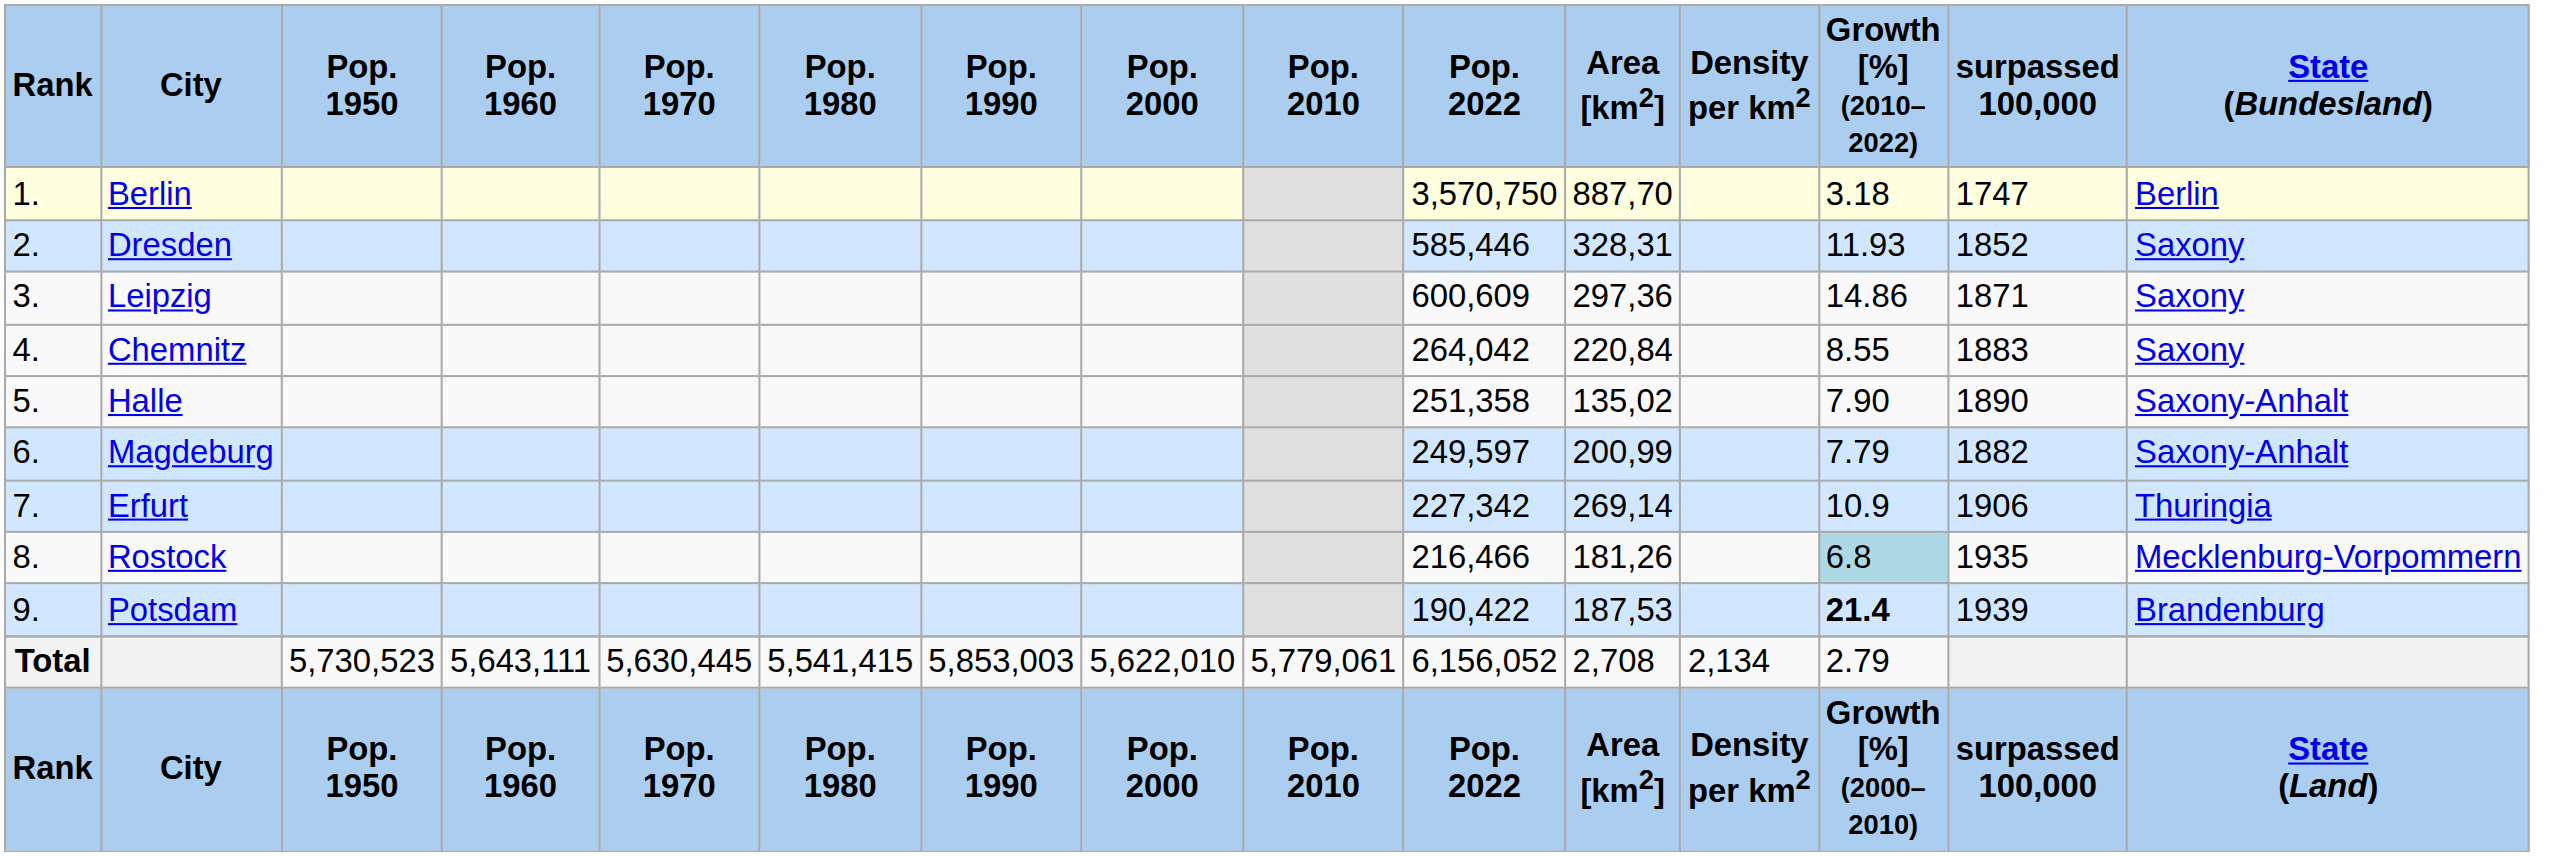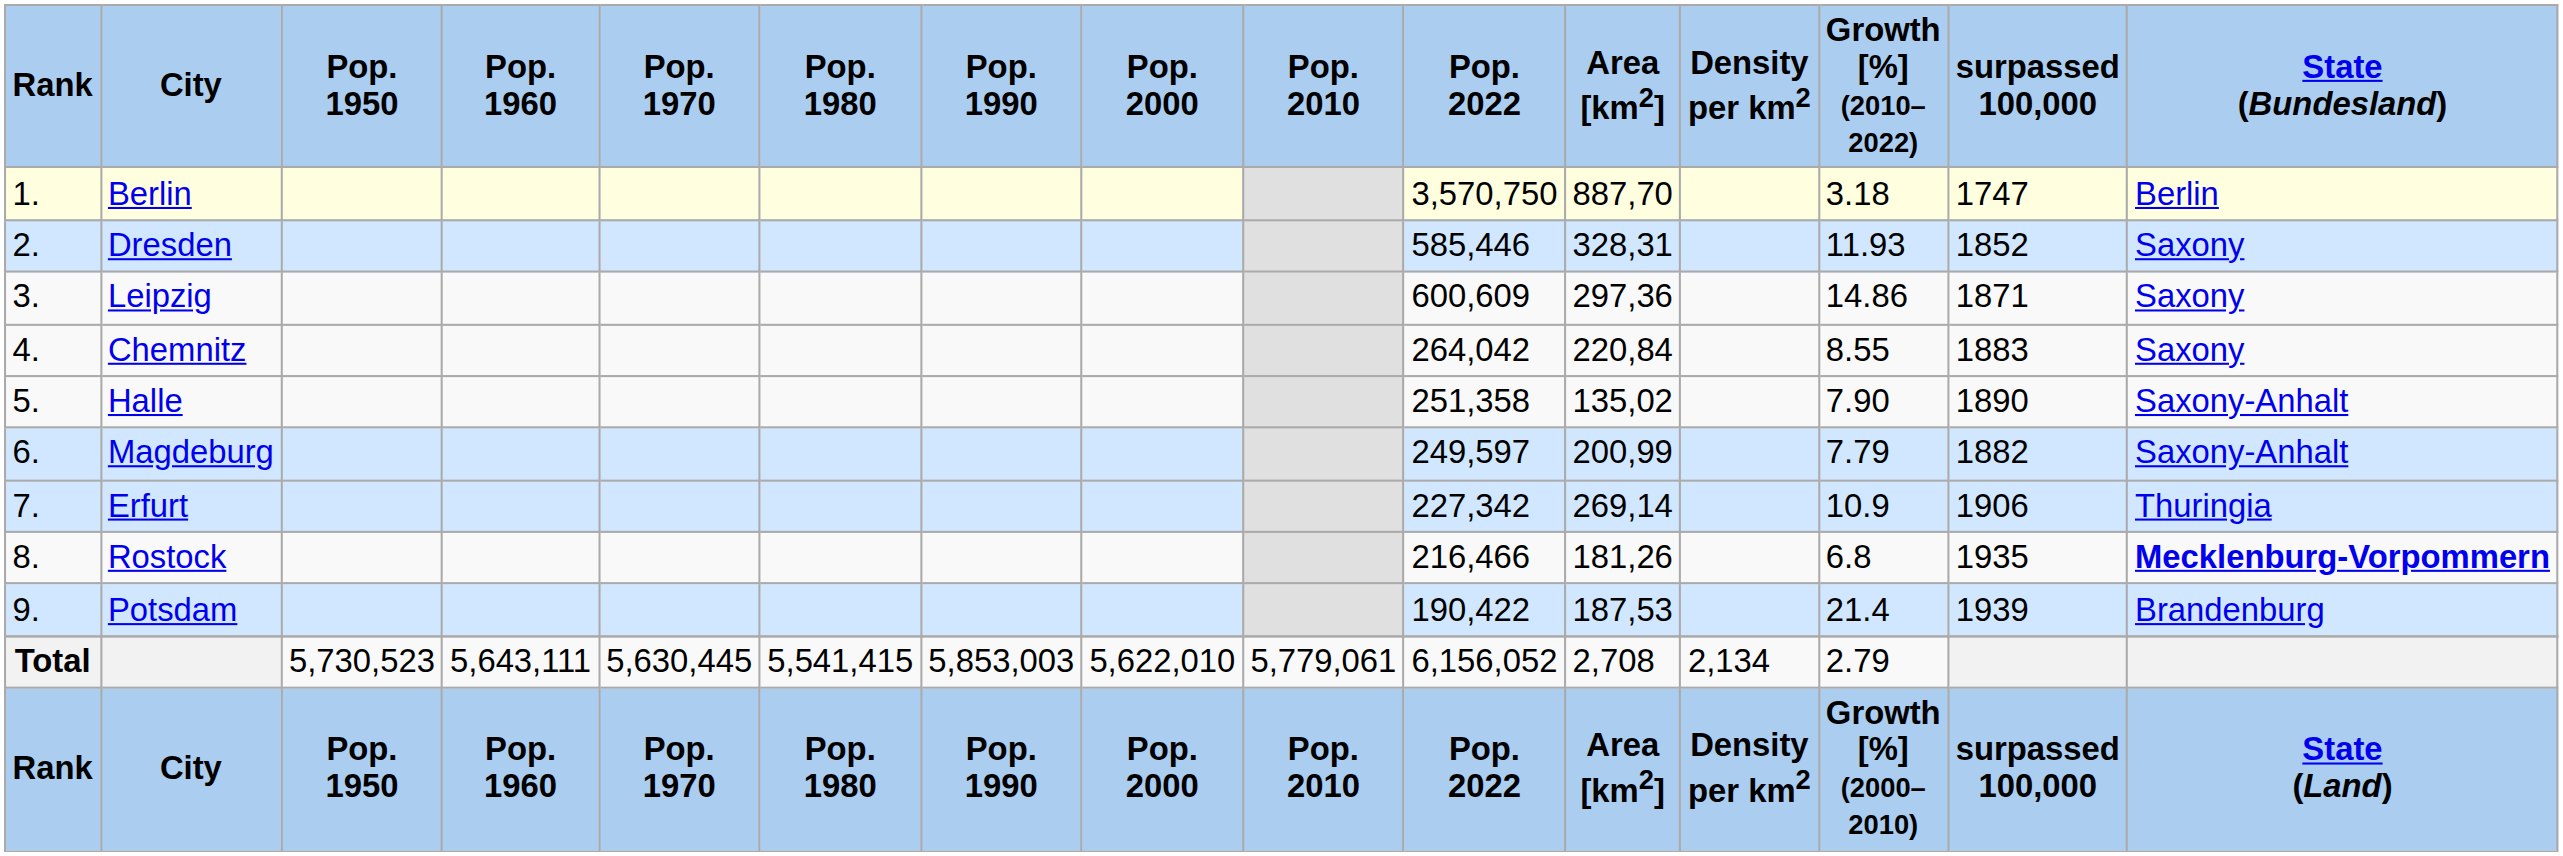 <table class="wikitable sortable">
 <tr ---->
 <th style="color: black; background-color: #ABCDEF">Rank</th>
 <th style="color: black; background-color: #ABCDEF">City</th>
 <th style="color: black; background-color: #ABCDEF">Pop. <br>1950</th>
 <th style="color: black; background-color: #ABCDEF">Pop. <br>1960</th>
 <th style="color: black; background-color: #ABCDEF">Pop. <br>1970</th>
 <th style="color: black; background-color: #ABCDEF">Pop. <br>1980</th>
 <th style="color: black; background-color: #ABCDEF">Pop. <br>1990</th>
 <th style="color: black; background-color: #ABCDEF">Pop. <br>2000</th>
 <th style="color: black; background-color: #ABCDEF">Pop. <br>2010</th>
 <th style="color: black; background-color: #ABCDEF">Pop. <br>2022</th>
 <th style="color: black; background-color: #ABCDEF">Area <br>[km<sup>2</sup>]</th>
 <th style="color: black; background-color: #ABCDEF">Density<br>per km<sup>2</sup></th>
 <th style="color: black; background-color: #ABCDEF">Growth <br>[%]<br><small>(2010–<br>2022)</small></th>
 <th style="color: black; background-color: #ABCDEF">surpassed<br>100,000</th>
 <th style="color: black; background-color: #ABCDEF"><a href='#'>State</a><br>(<em>Bundesland</em>)</th>
 </tr>
 <tr bgcolor="#FFFFE0">
 <td>1.</td>
 <td align=left><a href='#'>Berlin</a></td>
 <td></td>
 <td></td>
 <td></td>
 <td></td>
 <td></td>
 <td></td>
 <td style="background-color:#E0E0E0;"></td>
 <td>3,570,750</td>
 <td>887,70</td>
 <td></td>
 <td>3.18</td>
 <td>1747</td>
 <td align=left><a href='#'>Berlin</a></td>
 </tr>
 <tr bgcolor="#D0E7FF">
 <td>2.</td>
 <td align=left><a href='#'>Dresden</a></td>
 <td></td>
 <td></td>
 <td></td>
 <td></td>
 <td></td>
 <td></td>
 <td style="background-color:#E0E0E0;"></td>
 <td>585,446</td>
 <td>328,31</td>
 <td></td>
 <td>11.93</td>
 <td>1852</td>
 <td align=left><a href='#'>Saxony</a></td>
 </tr>
 <tr>
 <td>3.</td>
 <td align=left><a href='#'>Leipzig</a></td>
 <td></td>
 <td></td>
 <td></td>
 <td></td>
 <td></td>
 <td></td>
 <td style="background-color:#E0E0E0;"></td>
 <td>600,609</td>
 <td>297,36</td>
 <td></td>
 <td>14.86</td>
 <td>1871</td>
 <td align=left><a href='#'>Saxony</a></td>
 </tr>
 <tr>
 <td>4.</td>
 <td align=left><a href='#'>Chemnitz</a></td>
 <td></td>
 <td></td>
 <td></td>
 <td></td>
 <td></td>
 <td></td>
 <td style="background-color:#E0E0E0;"></td>
 <td>264,042</td>
 <td>220,84</td>
 <td></td>
 <td>8.55</td>
 <td>1883</td>
 <td align=left><a href='#'>Saxony</a></td>
 </tr>
 <tr>
 <td>5.</td>
 <td align=left><a href='#'>Halle</a></td>
 <td></td>
 <td></td>
 <td></td>
 <td></td>
 <td></td>
 <td></td>
 <td style="background-color:#E0E0E0;"></td>
 <td>251,358</td>
 <td>135,02</td>
 <td></td>
 <td>7.90</td>
 <td>1890</td>
 <td align=left><a href='#'>Saxony-Anhalt</a></td>
 </tr>
 <tr bgcolor="#D0E7FF">
 <td>6.</td>
 <td align=left><a href='#'>Magdeburg</a></td>
 <td></td>
 <td></td>
 <td></td>
 <td></td>
 <td></td>
 <td></td>
 <td style="background-color:#E0E0E0;"></td>
 <td>249,597</td>
 <td>200,99</td>
 <td></td>
 <td>7.79</td>
 <td>1882</td>
 <td align=left><a href='#'>Saxony-Anhalt</a></td>
 </tr>
 <tr bgcolor="#D0E7FF">
 <td>7.</td>
 <td align=left><a href='#'>Erfurt</a></td>
 <td></td>
 <td></td>
 <td></td>
 <td></td>
 <td></td>
 <td></td>
 <td style="background-color:#E0E0E0;"></td>
 <td>227,342</td>
 <td>269,14</td>
 <td></td>
 <td>10.9</td>
 <td>1906</td>
 <td align=left><a href='#'>Thuringia</a></td>
 </tr>
 <tr>
 <td>8.</td>
 <td align=left><a href='#'>Rostock</a></td>
 <td></td>
 <td></td>
 <td></td>
 <td></td>
 <td></td>
 <td></td>
 <td style="background-color:#E0E0E0;"></td>
 <td>216,466</td>
 <td>181,26</td>
 <td></td>
-<td style="background: lightblue;">6.8</td>
+<td>6.8</td>
 <td>1935</td>
-<td align=left><a href='#'>Mecklenburg-Vorpommern</a></td>
+<td align=left><strong><a href='#'>Mecklenburg-Vorpommern</a></strong></td>
 </tr>
 <tr bgcolor="#D0E7FF">
 <td>9.</td>
 <td align=left><a href='#'>Potsdam</a></td>
 <td></td>
 <td></td>
 <td></td>
 <td></td>
 <td></td>
 <td></td>
 <td style="background-color:#E0E0E0;"></td>
 <td>190,422</td>
 <td>187,53</td>
 <td></td>
-<td><strong>21.4</strong></td>
+<td>21.4</td>
 <td>1939</td>
 <td align=left><a href='#'>Brandenburg</a></td>
 </tr>
 <tr>
 </tr>
 <tr>
 <th>Total</th>
 <th></th>
 <td>5,730,523</td>
 <td>5,643,111</td>
 <td>5,630,445</td>
 <td>5,541,415</td>
 <td>5,853,003</td>
 <td>5,622,010</td>
 <td>5,779,061</td>
 <td>6,156,052</td>
 <td>2,708</td>
 <td>2,134</td>
 <td>2.79</td>
 <th></th>
 <th></th>
 </tr>
 <tr class="sortbottom">
 <th style="color: black; background-color: #ABCDEF">Rank</th>
 <th style="color: black; background-color: #ABCDEF">City</th>
 <th style="color: black; background-color: #ABCDEF">Pop. <br>1950</th>
 <th style="color: black; background-color: #ABCDEF">Pop. <br>1960</th>
 <th style="color: black; background-color: #ABCDEF">Pop. <br>1970</th>
 <th style="color: black; background-color: #ABCDEF">Pop. <br>1980</th>
 <th style="color: black; background-color: #ABCDEF">Pop. <br>1990</th>
 <th style="color: black; background-color: #ABCDEF">Pop. <br>2000</th>
 <th style="color: black; background-color: #ABCDEF">Pop. <br>2010</th>
 <th style="color: black; background-color: #ABCDEF">Pop. <br>2022</th>
 <th style="color: black; background-color: #ABCDEF">Area <br>[km<sup>2</sup>]</th>
 <th style="color: black; background-color: #ABCDEF">Density<br>per km<sup>2</sup></th>
 <th style="color: black; background-color: #ABCDEF">Growth <br>[%]<br><small>(2000–<br>2010)</small></th>
 <th style="color: black; background-color: #ABCDEF">surpassed<br>100,000</th>
 <th style="color: black; background-color: #ABCDEF"><a href='#'>State</a><br>(<em>Land</em>)</th>
 </tr>
 </table>
